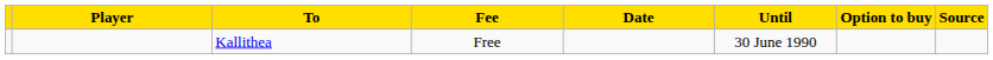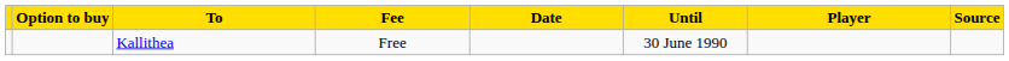 <table class="wikitable sortable">
 <tr>
 <th style="background:#FFDE00"></th>
-<th width=200 style="background:#FFDE00">Player</th>
+<th style="background:#FFDE00">Option to buy</th>
 <th width=200 style="background:#FFDE00">To</th>
 <th width=150 style="background:#FFDE00">Fee</th>
 <th width=150 style="background:#FFDE00">Date</th>
 <th width=120 style="background:#FFDE00">Until</th>
-<th style="background:#FFDE00">Option to buy</th>
+<th width=200 style="background:#FFDE00">Player</th>
 <th style="background:#FFDE00">Source</th>
 </tr>
 <tr>
 <td align=center></td>
-<td></td>
+<td align=center></td>
 <td> <a href='#'>Kallithea</a></td>
 <td align=center>Free</td>
 <td align=center></td>
 <td align=center>30 June 1990</td>
-<td align=center></td>
+<td></td>
 <td align=center></td>
 </tr>
 </table>
